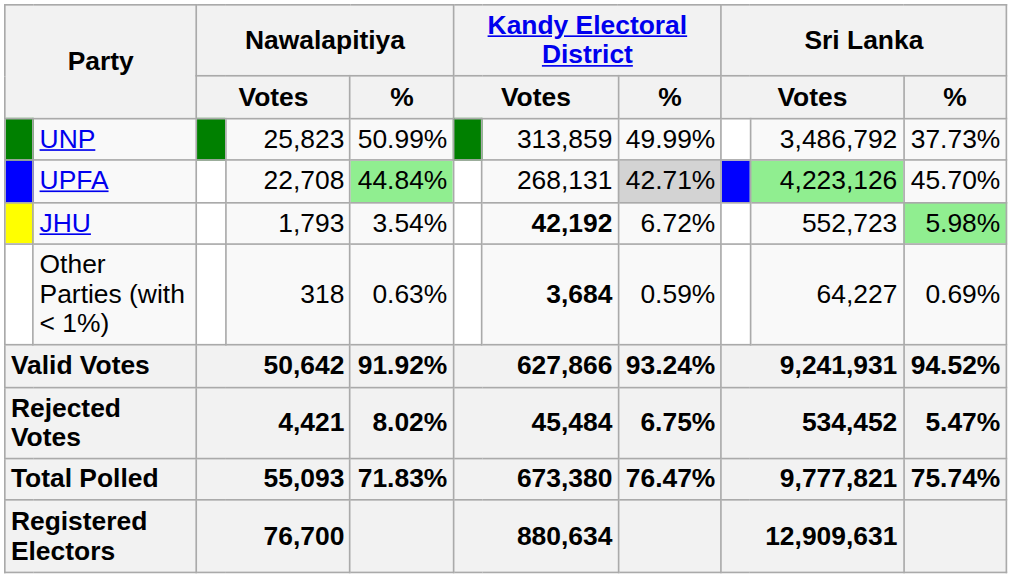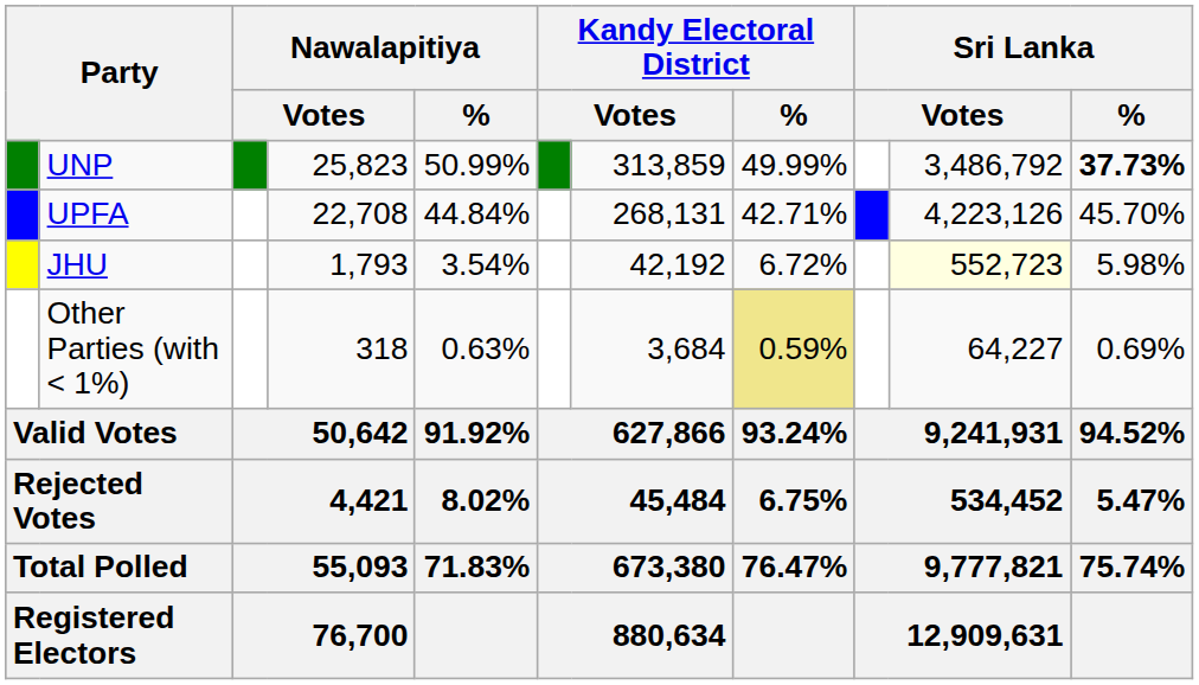 <table class="wikitable">
 <tr>
 <th colspan="2" width="144px"rowspan="2">Party</th>
 <th colspan="3" width="216px">Nawalapitiya</th>
 <th colspan="3" width="216px"><a href='#'>Kandy Electoral District</a></th>
 <th colspan="3" width="216px">Sri Lanka</th>
 </tr>
 <tr>
 <th colspan="2" width="144px">Votes</th>
 <th>%</th>
 <th colspan="2" width="144px">Votes</th>
 <th>%</th>
 <th colspan="2" width="144px">Votes</th>
 <th>%</th>
 </tr>
 <tr>
 <td style="background-color:green;" width="10px"></td>
 <td style="text-align:left;"><a href='#'>UNP</a></td>
 <td style="background-color:green;" width="10px"></td>
 <td style="text-align:right;">25,823</td>
 <td style="text-align:right;">50.99%</td>
 <td style="background-color:green;" width="10px"></td>
 <td style="text-align:right;">313,859</td>
 <td style="text-align:right;">49.99%</td>
 <td style="background-color:white;" width="10px"></td>
 <td style="text-align:right;">3,486,792</td>
-<td style="text-align:right;">37.73%</td>
+<td style="text-align:right;"><strong>37.73%</strong></td>
 </tr>
 <tr>
 <td style="background-color:blue;" width="10px"></td>
 <td style="text-align:left;"><a href='#'>UPFA</a></td>
 <td style="background-color:white;" width="10px"></td>
 <td style="text-align:right;">22,708</td>
-<td style="background: lightgreen; text-align:right;">44.84%</td>
+<td style="text-align:right;">44.84%</td>
 <td style="background-color:white;" width="10px"></td>
 <td style="text-align:right;">268,131</td>
-<td style="background: lightgrey; text-align:right;">42.71%</td>
+<td style="text-align:right;">42.71%</td>
 <td style="background-color:blue;" width="10px"></td>
-<td style="background: lightgreen; text-align:right;">4,223,126</td>
+<td style="text-align:right;">4,223,126</td>
 <td style="text-align:right;">45.70%</td>
 </tr>
 <tr>
 <td style="background-color:yellow;" width="10px"></td>
 <td style="text-align:left;"><a href='#'>JHU</a></td>
 <td style="background-color:white;" width="10px"></td>
 <td style="text-align:right;">1,793</td>
 <td style="text-align:right;">3.54%</td>
 <td style="background-color:white;" width="10px"></td>
-<td style="text-align:right;"><strong>42,192</strong></td>
+<td style="text-align:right;">42,192</td>
 <td style="text-align:right;">6.72%</td>
 <td style="background-color:white;" width="10px"></td>
-<td style="text-align:right;">552,723</td>
-<td style="background: lightgreen; text-align:right;">5.98%</td>
+<td style="background: lightyellow; text-align:right;">552,723</td>
+<td style="text-align:right;">5.98%</td>
 </tr>
 <tr>
 <td style="background-color:white;" width="10px"></td>
 <td style="text-align:left;">Other Parties (with < 1%)</td>
 <td style="background-color:white;" width="10px"></td>
 <td style="text-align:right;">318</td>
 <td style="text-align:right;">0.63%</td>
 <td style="background-color:white;" width="10px"></td>
-<td style="text-align:right;"><strong>3,684</strong></td>
-<td style="text-align:right;">0.59%</td>
+<td style="text-align:right;">3,684</td>
+<td style="background: khaki; text-align:right;">0.59%</td>
 <td style="background-color:white;" width="10px"></td>
 <td style="text-align:right;">64,227</td>
 <td style="text-align:right;">0.69%</td>
 </tr>
 <tr>
 <th colspan="2" width="144px"style="text-align:left;">Valid Votes</th>
 <th style="text-align:right;"colspan="2" width="144px">50,642</th>
 <th style="text-align:right;">91.92%</th>
 <th style="text-align:right;"colspan="2" width="144px">627,866</th>
 <th style="text-align:right;">93.24%</th>
 <th style="text-align:right;"colspan="2" width="144px">9,241,931</th>
 <th style="text-align:right;">94.52%</th>
 </tr>
 <tr>
 <th colspan="2" width="144px"style="text-align:left;">Rejected Votes</th>
 <th style="text-align:right;"colspan="2" width="144px">4,421</th>
 <th style="text-align:right;">8.02%</th>
 <th style="text-align:right;"colspan="2" width="144px">45,484</th>
 <th style="text-align:right;">6.75%</th>
 <th style="text-align:right;"colspan="2" width="144px">534,452</th>
 <th style="text-align:right;">5.47%</th>
 </tr>
 <tr>
 <th colspan="2" width="144px"style="text-align:left;">Total Polled</th>
 <th style="text-align:right;"colspan="2" width="144px">55,093</th>
 <th style="text-align:right;">71.83%</th>
 <th style="text-align:right;"colspan="2" width="144px">673,380</th>
 <th style="text-align:right;">76.47%</th>
 <th style="text-align:right;"colspan="2" width="144px">9,777,821</th>
 <th style="text-align:right;">75.74%</th>
 </tr>
 <tr>
 <th colspan="2" width="144px"style="text-align:left;">Registered Electors</th>
 <th style="text-align:right;"colspan="2" width="144px">76,700</th>
 <th></th>
 <th style="text-align:right;"colspan="2" width="144px">880,634</th>
 <th></th>
 <th style="text-align:right;"colspan="2" width="144px">12,909,631</th>
 <th></th>
 </tr>
 </table>
